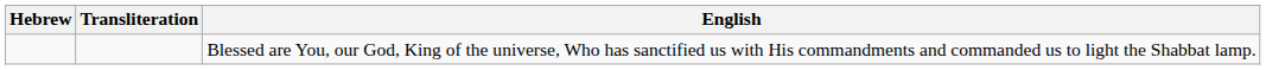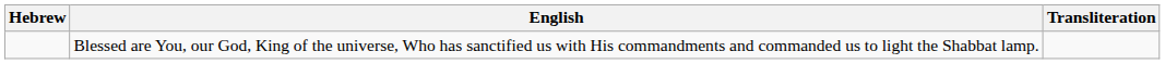 <table class="wikitable">
 <tr>
 <th>Hebrew</th>
+<th>English</th>
 <th>Transliteration</th>
-<th>English</th>
 </tr>
 <tr>
 <td></td>
+<td>Blessed are You,  our God, King of the universe, Who has sanctified us with His commandments and commanded us to light the Shabbat lamp.</td>
 <td></td>
-<td>Blessed are You,  our God, King of the universe, Who has sanctified us with His commandments and commanded us to light the Shabbat lamp.</td>
 </tr>
 </table>
